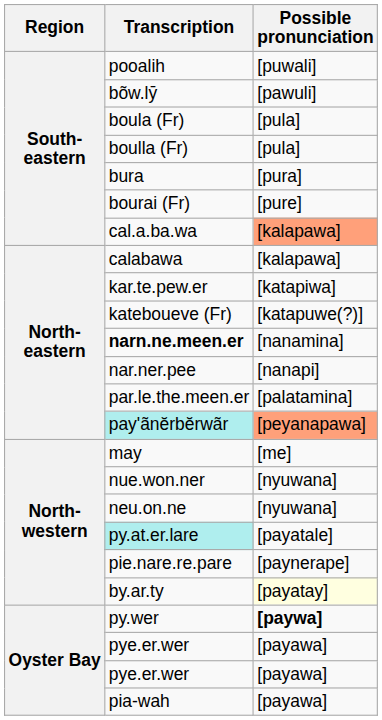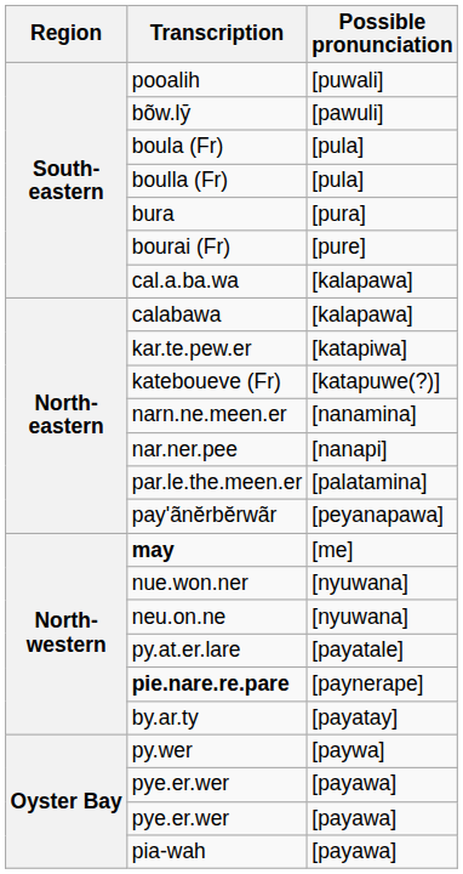 <table class=wikitable>
 <tr>
 <th>Region</th>
 <th>Transcription</th>
 <th>Possible<br>pronunciation</th>
 </tr>
 <tr>
 <th rowspan=7>South-<br>eastern</th>
 <td>pooalih</td>
 <td>[puwali]</td>
 </tr>
 <tr>
 <td>bõw.lȳ</td>
 <td>[pawuli]</td>
 </tr>
 <tr>
 <td>boula (Fr)</td>
 <td>[pula]</td>
 </tr>
 <tr>
 <td>boulla (Fr)</td>
 <td>[pula]</td>
 </tr>
 <tr>
 <td>bura</td>
 <td>[pura]</td>
 </tr>
 <tr>
 <td>bourai (Fr)</td>
 <td>[pure]</td>
 </tr>
 <tr>
 <td>cal.a.ba.wa</td>
-<td style="background: lightsalmon;">[kalapawa]</td>
+<td>[kalapawa]</td>
 </tr>
 <tr>
 <th rowspan=7>North-<br>eastern</th>
 <td>calabawa</td>
 <td>[kalapawa]</td>
 </tr>
 <tr>
 <td>kar.te.pew.er</td>
 <td>[katapiwa]</td>
 </tr>
 <tr>
 <td>kateboueve (Fr)</td>
 <td>[katapuwe(?)]</td>
 </tr>
 <tr>
-<td><strong>narn.ne.meen.er</strong></td>
+<td>narn.ne.meen.er</td>
 <td>[nanamina]</td>
 </tr>
 <tr>
 <td>nar.ner.pee</td>
 <td>[nanapi]</td>
 </tr>
 <tr>
 <td>par.le.the.meen.er</td>
 <td>[palatamina]</td>
 </tr>
 <tr>
-<td style="background: paleturquoise;">pay'ãnĕrbĕrwãr</td>
-<td style="background: lightsalmon;">[peyanapawa]</td>
+<td>pay'ãnĕrbĕrwãr</td>
+<td>[peyanapawa]</td>
 </tr>
 <tr>
 <th rowspan=6>North-<br>western</th>
-<td>may</td>
+<td><strong>may</strong></td>
 <td>[me]</td>
 </tr>
 <tr>
 <td>nue.won.ner</td>
 <td>[nyuwana]</td>
 </tr>
 <tr>
 <td>neu.on.ne</td>
 <td>[nyuwana]</td>
 </tr>
 <tr>
-<td style="background: paleturquoise;">py.at.er.lare</td>
+<td>py.at.er.lare</td>
 <td>[payatale]</td>
 </tr>
 <tr>
-<td>pie.nare.re.pare</td>
+<td><strong>pie.nare.re.pare</strong></td>
 <td>[paynerape]</td>
 </tr>
 <tr>
 <td>by.ar.ty</td>
-<td style="background: lightyellow;">[payatay]</td>
+<td>[payatay]</td>
 </tr>
 <tr>
 <th rowspan=4>Oyster Bay</th>
 <td>py.wer</td>
-<td><strong>[paywa]</strong></td>
+<td>[paywa]</td>
 </tr>
 <tr>
 <td>pye.er.wer</td>
 <td>[payawa]</td>
 </tr>
 <tr>
 <td>pye.er.wer</td>
 <td>[payawa]</td>
 </tr>
 <tr>
 <td>pia-wah</td>
 <td>[payawa]</td>
 </tr>
 </table>
